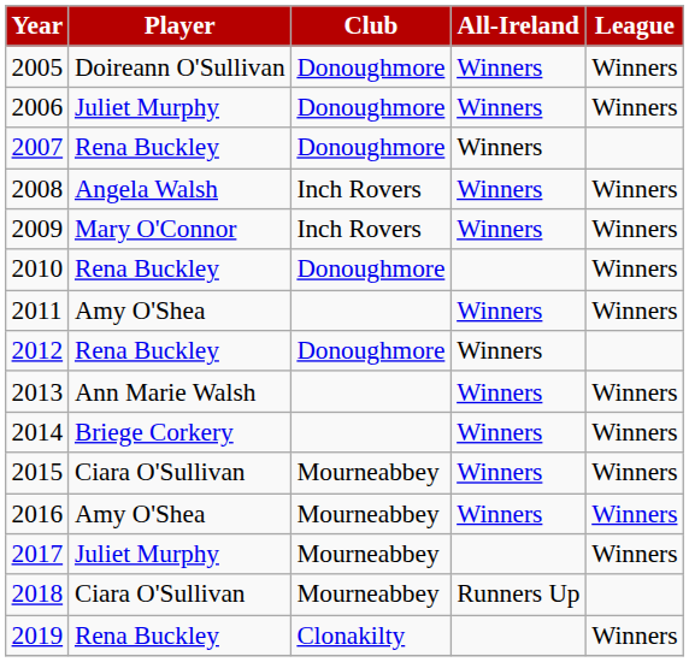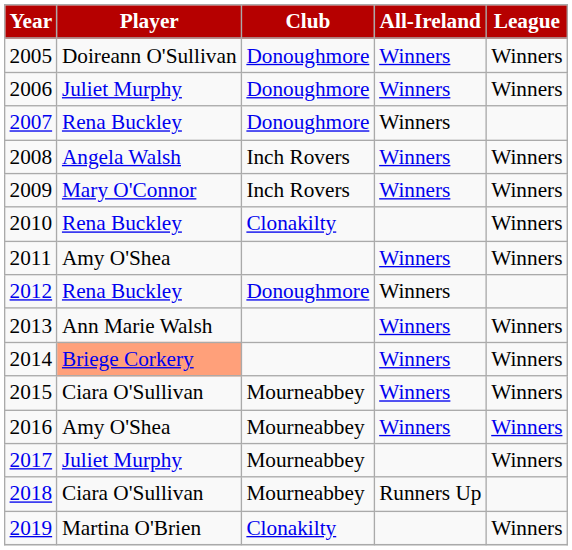 <table class="wikitable">
 <tr style="text-align:center;background:#B60000;color:white">
 <td><strong>Year</strong></td>
 <td><strong>Player</strong></td>
 <td><strong>Club</strong></td>
 <td><strong>All-Ireland</strong></td>
 <td><strong>League</strong></td>
 </tr>
 <tr>
 <td>2005</td>
 <td>Doireann O'Sullivan </td>
 <td><a href='#'>Donoughmore</a></td>
 <td><a href='#'>Winners</a></td>
 <td>Winners</td>
 </tr>
 <tr>
 <td>2006</td>
 <td><a href='#'>Juliet Murphy</a></td>
 <td><a href='#'>Donoughmore</a></td>
 <td><a href='#'>Winners</a></td>
 <td>Winners</td>
 </tr>
 <tr>
 <td><a href='#'>2007</a></td>
 <td><a href='#'>Rena Buckley</a> <em></em></td>
 <td><a href='#'>Donoughmore</a></td>
 <td>Winners</td>
 <td></td>
 </tr>
 <tr>
 <td>2008</td>
 <td><a href='#'>Angela Walsh</a></td>
 <td>Inch Rovers</td>
 <td><a href='#'>Winners</a></td>
 <td>Winners</td>
 </tr>
 <tr>
 <td>2009</td>
 <td><a href='#'>Mary O'Connor</a></td>
 <td>Inch Rovers</td>
 <td><a href='#'>Winners</a></td>
 <td>Winners</td>
 </tr>
 <tr>
 <td>2010</td>
 <td><a href='#'>Rena Buckley</a></td>
-<td><a href='#'>Donoughmore</a></td>
+<td><a href='#'>Clonakilty</a></td>
 <td></td>
 <td>Winners</td>
 </tr>
 <tr>
 <td>2011</td>
 <td>Amy O'Shea </td>
 <td></td>
 <td><a href='#'>Winners</a></td>
 <td>Winners</td>
 </tr>
 <tr>
 <td><a href='#'>2012</a></td>
 <td><a href='#'>Rena Buckley</a> <em></em></td>
 <td><a href='#'>Donoughmore</a></td>
 <td>Winners</td>
 <td></td>
 </tr>
 <tr>
 <td>2013</td>
 <td>Ann Marie Walsh </td>
 <td></td>
 <td><a href='#'>Winners</a></td>
 <td>Winners</td>
 </tr>
 <tr>
 <td>2014</td>
-<td><a href='#'>Briege Corkery</a></td>
+<td style="background: lightsalmon;"><a href='#'>Briege Corkery</a></td>
 <td></td>
 <td><a href='#'>Winners</a></td>
 <td>Winners</td>
 </tr>
 <tr>
 <td>2015</td>
 <td>Ciara O'Sullivan </td>
 <td>Mourneabbey</td>
 <td><a href='#'>Winners</a></td>
 <td>Winners</td>
 </tr>
 <tr>
 <td>2016</td>
 <td>Amy O'Shea </td>
 <td>Mourneabbey</td>
 <td><a href='#'>Winners</a></td>
 <td><a href='#'>Winners</a></td>
 </tr>
 <tr>
 <td><a href='#'>2017</a></td>
 <td><a href='#'>Juliet Murphy</a></td>
 <td>Mourneabbey</td>
 <td></td>
 <td>Winners</td>
 </tr>
 <tr>
 <td><a href='#'>2018</a></td>
 <td>Ciara O'Sullivan </td>
 <td>Mourneabbey</td>
 <td>Runners Up</td>
 <td></td>
 </tr>
 <tr>
 <td><a href='#'>2019</a></td>
-<td><a href='#'>Rena Buckley</a> <em></em></td>
+<td>Martina O'Brien </td>
 <td><a href='#'>Clonakilty</a></td>
 <td></td>
 <td>Winners</td>
 </tr>
 <tr>
 </tr>
 </table>
